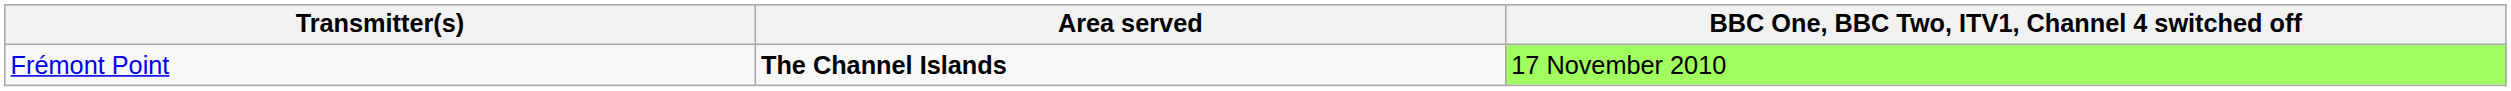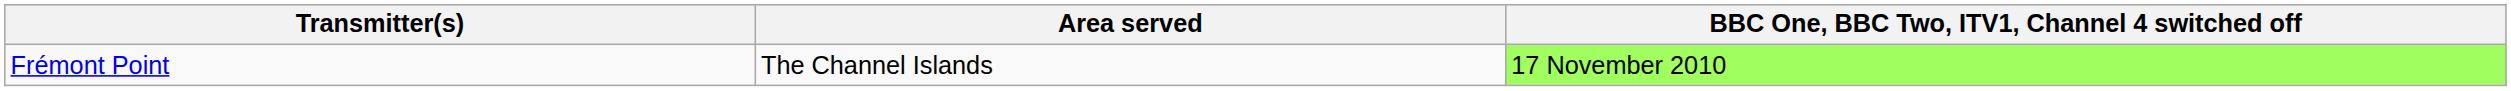 <table class="wikitable" width=100%>
 <tr>
 <th width="30%">Transmitter(s)</th>
 <th width="30%">Area served</th>
 <th width="40%">BBC One, BBC Two, ITV1, Channel 4 switched off</th>
 </tr>
 <tr>
 <td><a href='#'>Frémont Point</a></td>
-<td><strong>The Channel Islands</strong></td>
+<td>The Channel Islands</td>
 <td colspan=2 bgcolor=#A0FF5F>17 November 2010</td>
 </tr>
 </table>
